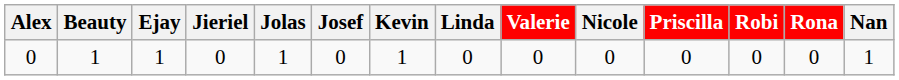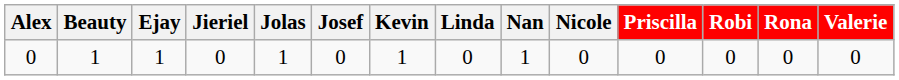 <table class="wikitable" style="font-size:90%; text-align:center">
 <tr>
 <th style="width: 5%;">Alex</th>
 <th style="width: 5%;">Beauty</th>
 <th style="width: 5%;">Ejay</th>
 <th style="width: 5%;">Jieriel</th>
 <th style="width: 5%;">Jolas</th>
 <th style="width: 5%;">Josef</th>
 <th style="width: 5%;">Kevin</th>
 <th style="width: 5%;">Linda</th>
-<th style="background:red; width: 5%; color:white">Valerie</th>
+<th style="width: 5%;">Nan</th>
 <th style="width: 5%;">Nicole</th>
 <th style="background:red; width: 5%; color:white">Priscilla</th>
 <th style="background:red; width: 5%; color:white">Robi</th>
 <th style="background:red; width: 5%; color:white">Rona</th>
-<th style="width: 5%;">Nan</th>
+<th style="background:red; width: 5%; color:white">Valerie</th>
 </tr>
 <tr>
 <td>0</td>
 <td>1</td>
 <td>1</td>
 <td>0</td>
 <td>1</td>
 <td>0</td>
 <td>1</td>
 <td>0</td>
+<td>1</td>
 <td>0</td>
 <td>0</td>
 <td>0</td>
 <td>0</td>
 <td>0</td>
-<td>1</td>
 </tr>
 </table>
